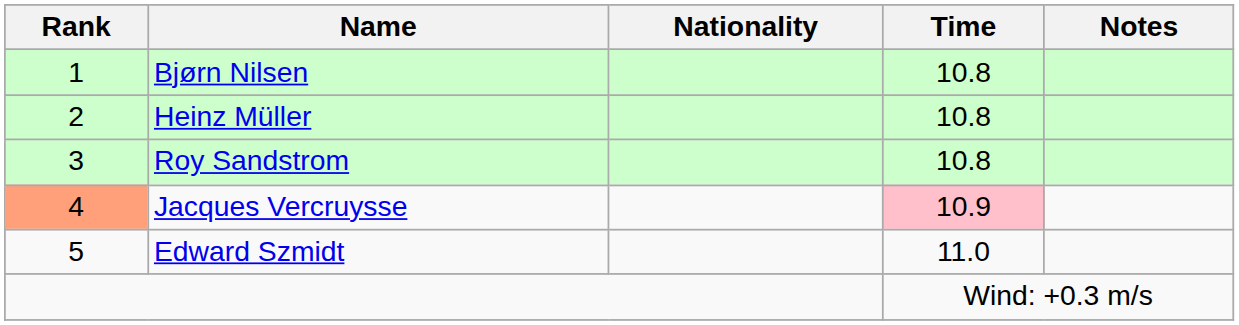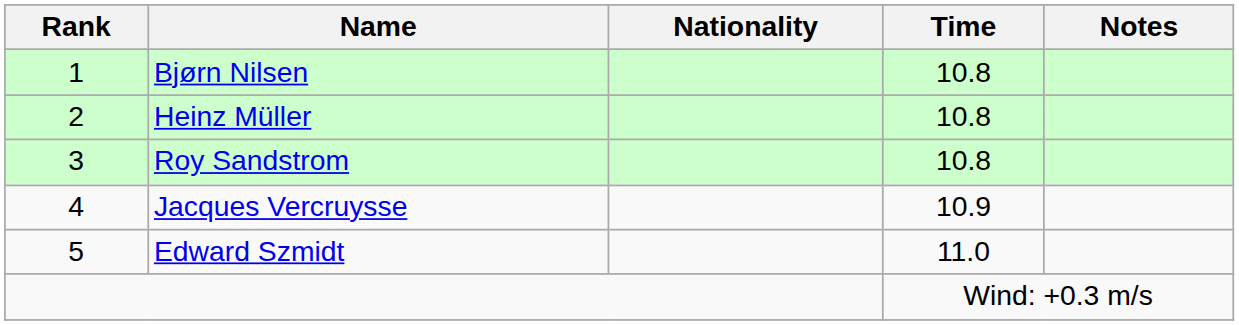 <table class="wikitable sortable" style="text-align:center;width: 55%">
 <tr>
 <th>Rank</th>
 <th>Name</th>
 <th>Nationality</th>
 <th>Time</th>
 <th>Notes</th>
 </tr>
 <tr bgcolor=ccffcc>
 <td>1</td>
 <td align=left><a href='#'>Bjørn Nilsen</a></td>
 <td align=left></td>
 <td>10.8</td>
 <td></td>
 </tr>
 <tr bgcolor=ccffcc>
 <td>2</td>
 <td align=left><a href='#'>Heinz Müller</a></td>
 <td align=left></td>
 <td>10.8</td>
 <td></td>
 </tr>
 <tr bgcolor=ccffcc>
 <td>3</td>
 <td align=left><a href='#'>Roy Sandstrom</a></td>
 <td align=left></td>
 <td>10.8</td>
 <td></td>
 </tr>
 <tr>
-<td style="background: lightsalmon;">4</td>
+<td>4</td>
 <td align=left><a href='#'>Jacques Vercruysse</a></td>
 <td align=left></td>
-<td style="background: pink;">10.9</td>
+<td>10.9</td>
 <td></td>
 </tr>
 <tr>
 <td>5</td>
 <td align=left><a href='#'>Edward Szmidt</a></td>
 <td align=left></td>
 <td>11.0</td>
 <td></td>
 </tr>
 <tr>
 <td colspan="3"></td>
 <td colspan="2">Wind: +0.3 m/s</td>
 </tr>
 </table>
